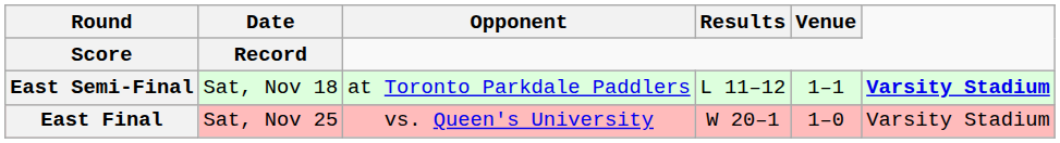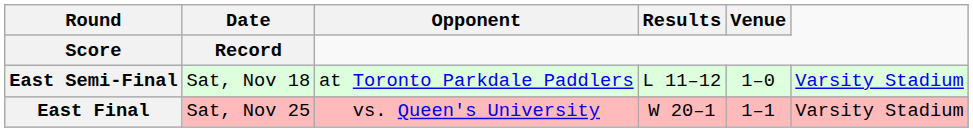 <table class="wikitable" style="text-align:center">
 <tr>
 <th>Round</th>
 <th>Date</th>
 <th>Opponent</th>
 <th>Results</th>
 <th>Venue</th>
 </tr>
 <tr>
 <th>Score</th>
 <th>Record</th>
 </tr>
 <tr style="background:#ddffdd">
 <th>East Semi-Final</th>
 <td>Sat, Nov 18</td>
 <td>at <a href='#'>Toronto Parkdale Paddlers</a></td>
 <td>L 11–12</td>
-<td>1–1</td>
-<td><strong><a href='#'>Varsity Stadium</a></strong></td>
+<td>1–0</td>
+<td><a href='#'>Varsity Stadium</a></td>
 </tr>
 <tr style="background:#ffbbbb">
 <th>East Final</th>
 <td>Sat, Nov 25</td>
 <td>vs. <a href='#'>Queen's University</a></td>
 <td>W 20–1</td>
-<td>1–0</td>
+<td>1–1</td>
 <td>Varsity Stadium</td>
 </tr>
 </table>
